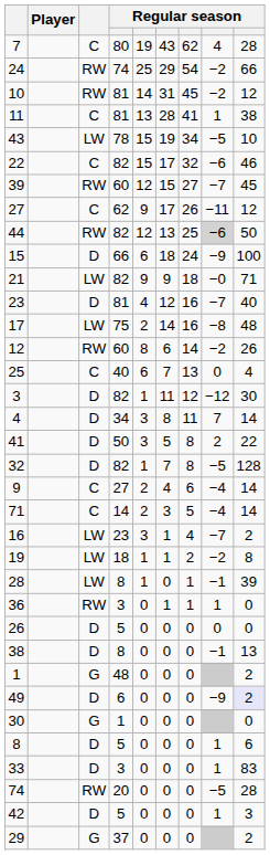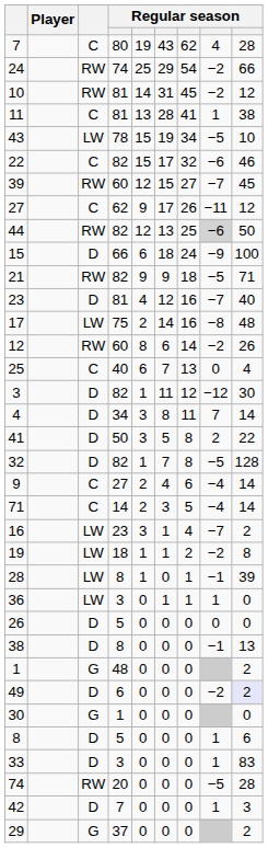 <table class="wikitable sortable plainrowheaders" style="text-align:center;">
 <tr>
 <th scope="col" data-sort-type="number" rowspan="2"></th>
 <th scope="col" rowspan="2">Player</th>
 <th scope="col" rowspan="2"></th>
 <th scope=colgroup colspan=6>Regular season</th>
 </tr>
 <tr>
 <th scope="col" data-sort-type="number"></th>
 <th scope="col" data-sort-type="number"></th>
 <th scope="col" data-sort-type="number"></th>
 <th scope="col" data-sort-type="number"></th>
 <th scope="col" data-sort-type="number"></th>
 <th scope="col" data-sort-type="number"></th>
 </tr>
 <tr>
 <td scope="row">7</td>
 <td align="left"></td>
 <td>C</td>
 <td>80</td>
 <td>19</td>
 <td>43</td>
 <td>62</td>
 <td>4</td>
 <td>28</td>
 </tr>
 <tr>
 <td scope="row">24</td>
 <td align="left"></td>
 <td>RW</td>
 <td>74</td>
 <td>25</td>
 <td>29</td>
 <td>54</td>
 <td>−2</td>
 <td>66</td>
 </tr>
 <tr>
 <td scope="row">10</td>
 <td align="left"></td>
 <td>RW</td>
 <td>81</td>
 <td>14</td>
 <td>31</td>
 <td>45</td>
 <td>−2</td>
 <td>12</td>
 </tr>
 <tr>
 <td scope="row">11</td>
 <td align="left"></td>
 <td>C</td>
 <td>81</td>
 <td>13</td>
 <td>28</td>
 <td>41</td>
 <td>1</td>
 <td>38</td>
 </tr>
 <tr>
 <td scope="row">43</td>
 <td align="left"></td>
 <td>LW</td>
 <td>78</td>
 <td>15</td>
 <td>19</td>
 <td>34</td>
 <td>−5</td>
 <td>10</td>
 </tr>
 <tr>
 <td scope="row">22</td>
 <td align="left"></td>
 <td>C</td>
 <td>82</td>
 <td>15</td>
 <td>17</td>
 <td>32</td>
 <td>−6</td>
 <td>46</td>
 </tr>
 <tr>
 <td scope="row">39</td>
 <td align="left"></td>
 <td>RW</td>
 <td>60</td>
 <td>12</td>
 <td>15</td>
 <td>27</td>
 <td>−7</td>
 <td>45</td>
 </tr>
 <tr>
 <td scope="row">27</td>
 <td align="left"></td>
 <td>C</td>
 <td>62</td>
 <td>9</td>
 <td>17</td>
 <td>26</td>
 <td>−11</td>
 <td>12</td>
 </tr>
 <tr>
 <td scope="row">44</td>
 <td align="left"></td>
 <td>RW</td>
 <td>82</td>
 <td>12</td>
 <td>13</td>
 <td>25</td>
 <td style="background: lightgrey;">−6</td>
 <td>50</td>
 </tr>
 <tr>
 <td scope="row">15</td>
 <td align="left"></td>
 <td>D</td>
 <td>66</td>
 <td>6</td>
 <td>18</td>
 <td>24</td>
 <td>−9</td>
 <td>100</td>
 </tr>
 <tr>
 <td scope="row">21</td>
 <td align="left"></td>
-<td>LW</td>
+<td>RW</td>
 <td>82</td>
 <td>9</td>
 <td>9</td>
 <td>18</td>
-<td>−0</td>
+<td>−5</td>
 <td>71</td>
 </tr>
 <tr>
 <td scope="row">23</td>
 <td align="left"></td>
 <td>D</td>
 <td>81</td>
 <td>4</td>
 <td>12</td>
 <td>16</td>
 <td>−7</td>
 <td>40</td>
 </tr>
 <tr>
 <td scope="row">17</td>
 <td align="left"></td>
 <td>LW</td>
 <td>75</td>
 <td>2</td>
 <td>14</td>
 <td>16</td>
 <td>−8</td>
 <td>48</td>
 </tr>
 <tr>
 <td scope="row">12</td>
 <td align="left"></td>
 <td>RW</td>
 <td>60</td>
 <td>8</td>
 <td>6</td>
 <td>14</td>
 <td>−2</td>
 <td>26</td>
 </tr>
 <tr>
 <td scope="row">25</td>
 <td align="left"></td>
 <td>C</td>
 <td>40</td>
 <td>6</td>
 <td>7</td>
 <td>13</td>
 <td>0</td>
 <td>4</td>
 </tr>
 <tr>
 <td scope="row">3</td>
 <td align="left"></td>
 <td>D</td>
 <td>82</td>
 <td>1</td>
 <td>11</td>
 <td>12</td>
 <td>−12</td>
 <td>30</td>
 </tr>
 <tr>
 <td scope="row">4</td>
 <td align="left"></td>
 <td>D</td>
 <td>34</td>
 <td>3</td>
 <td>8</td>
 <td>11</td>
 <td>7</td>
 <td>14</td>
 </tr>
 <tr>
 <td scope="row">41</td>
 <td align="left"></td>
 <td>D</td>
 <td>50</td>
 <td>3</td>
 <td>5</td>
 <td>8</td>
 <td>2</td>
 <td>22</td>
 </tr>
 <tr>
 <td scope="row">32</td>
 <td align="left"></td>
 <td>D</td>
 <td>82</td>
 <td>1</td>
 <td>7</td>
 <td>8</td>
 <td>−5</td>
 <td>128</td>
 </tr>
 <tr>
 <td scope="row">9</td>
 <td align="left"></td>
 <td>C</td>
 <td>27</td>
 <td>2</td>
 <td>4</td>
 <td>6</td>
 <td>−4</td>
 <td>14</td>
 </tr>
 <tr>
 <td scope="row">71</td>
 <td align="left"></td>
 <td>C</td>
 <td>14</td>
 <td>2</td>
 <td>3</td>
 <td>5</td>
 <td>−4</td>
 <td>14</td>
 </tr>
 <tr>
 <td scope="row">16</td>
 <td align="left"></td>
 <td>LW</td>
 <td>23</td>
 <td>3</td>
 <td>1</td>
 <td>4</td>
 <td>−7</td>
 <td>2</td>
 </tr>
 <tr>
 <td scope="row">19</td>
 <td align="left"></td>
 <td>LW</td>
 <td>18</td>
 <td>1</td>
 <td>1</td>
 <td>2</td>
 <td>−2</td>
 <td>8</td>
 </tr>
 <tr>
 <td scope="row">28</td>
 <td align="left"></td>
 <td>LW</td>
 <td>8</td>
 <td>1</td>
 <td>0</td>
 <td>1</td>
 <td>−1</td>
 <td>39</td>
 </tr>
 <tr>
 <td scope="row">36</td>
 <td align="left"></td>
-<td>RW</td>
+<td>LW</td>
 <td>3</td>
 <td>0</td>
 <td>1</td>
 <td>1</td>
 <td>1</td>
 <td>0</td>
 </tr>
 <tr>
 <td scope="row">26</td>
 <td align="left"></td>
 <td>D</td>
 <td>5</td>
 <td>0</td>
 <td>0</td>
 <td>0</td>
 <td>0</td>
 <td>0</td>
 </tr>
 <tr>
 <td scope="row">38</td>
 <td align="left"></td>
 <td>D</td>
 <td>8</td>
 <td>0</td>
 <td>0</td>
 <td>0</td>
 <td>−1</td>
 <td>13</td>
 </tr>
 <tr>
 <td scope="row">1</td>
 <td align="left"></td>
 <td>G</td>
 <td>48</td>
 <td>0</td>
 <td>0</td>
 <td>0</td>
 <td style="background:#ccc"></td>
 <td>2</td>
 </tr>
 <tr>
 <td scope="row">49</td>
 <td align="left"></td>
 <td>D</td>
 <td>6</td>
 <td>0</td>
 <td>0</td>
 <td>0</td>
-<td>−9</td>
+<td>−2</td>
 <td style="background: lavender;">2</td>
 </tr>
 <tr>
 <td scope="row">30</td>
 <td align="left"></td>
 <td>G</td>
 <td>1</td>
 <td>0</td>
 <td>0</td>
 <td>0</td>
 <td style="background:#ccc"></td>
 <td>0</td>
 </tr>
 <tr>
 <td scope="row">8</td>
 <td align="left"></td>
 <td>D</td>
 <td>5</td>
 <td>0</td>
 <td>0</td>
 <td>0</td>
 <td>1</td>
 <td>6</td>
 </tr>
 <tr>
 <td scope="row">33</td>
 <td align="left"></td>
 <td>D</td>
 <td>3</td>
 <td>0</td>
 <td>0</td>
 <td>0</td>
 <td>1</td>
 <td>83</td>
 </tr>
 <tr>
 <td scope="row">74</td>
 <td align="left"></td>
 <td>RW</td>
 <td>20</td>
 <td>0</td>
 <td>0</td>
 <td>0</td>
 <td>−5</td>
 <td>28</td>
 </tr>
 <tr>
 <td scope="row">42</td>
 <td align="left"></td>
 <td>D</td>
-<td>5</td>
+<td>7</td>
 <td>0</td>
 <td>0</td>
 <td>0</td>
 <td>1</td>
 <td>3</td>
 </tr>
 <tr>
 <td scope="row">29</td>
 <td align="left"></td>
 <td>G</td>
 <td>37</td>
 <td>0</td>
 <td>0</td>
 <td>0</td>
 <td style="background:#ccc"></td>
 <td>2</td>
 </tr>
 </table>
